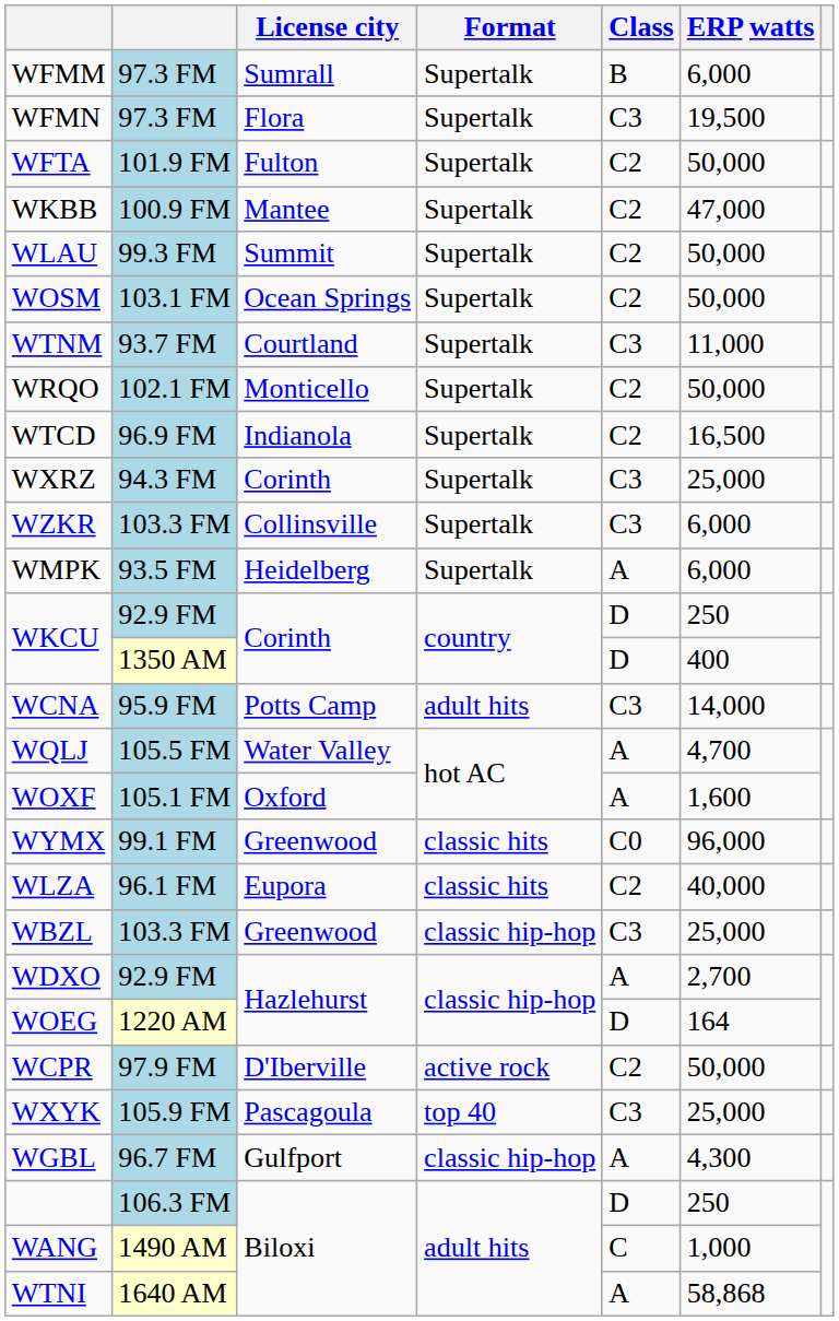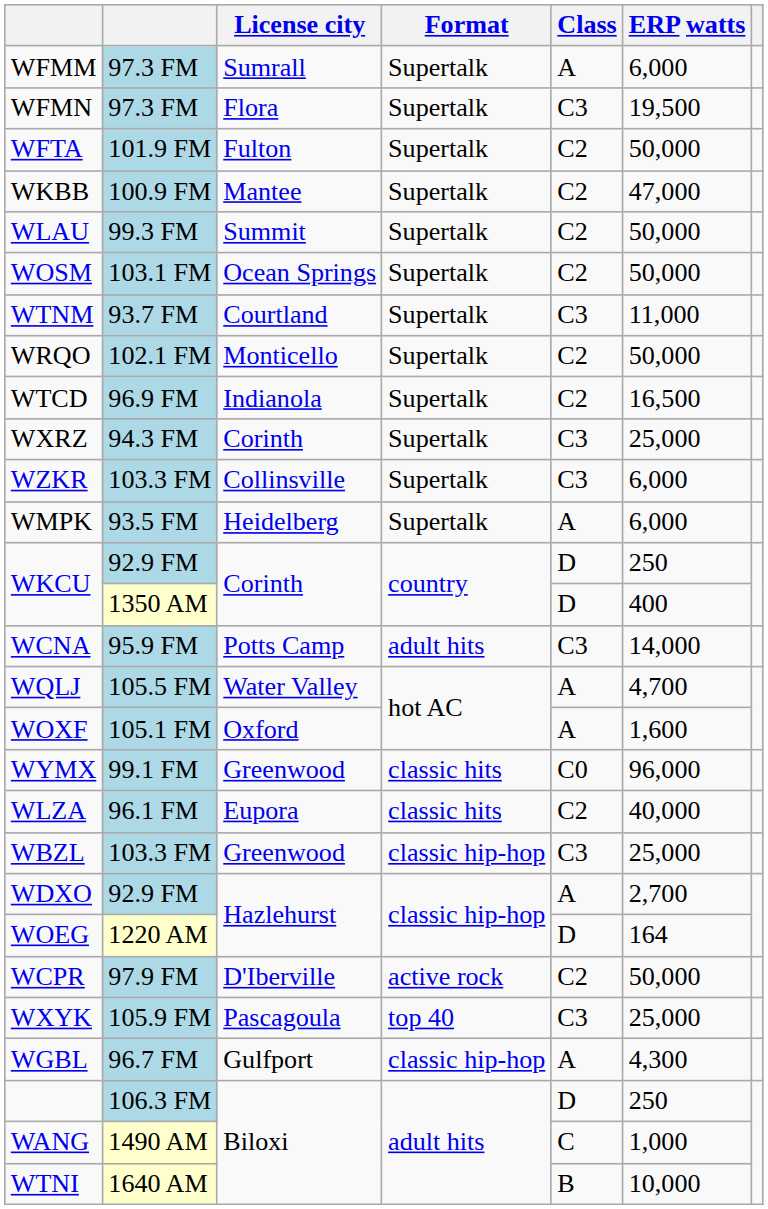 <table class="wikitable">
 <tr>
 <th></th>
 <th></th>
 <th><a href='#'>License city</a></th>
 <th><a href='#'>Format</a></th>
 <th><a href='#'>Cl­ass</a></th>
 <th><a href='#'>ERP</a> <a href='#'>watts</a></th>
 <th></th>
 </tr>
 <tr>
 <td>WFMM</td>
 <td style="background:#ADD8E6;">97.3 FM</td>
 <td><a href='#'>Sumrall</a></td>
 <td>Supe­rtalk</td>
-<td>B</td>
+<td>A</td>
 <td>6,000</td>
 <td></td>
 </tr>
 <tr>
 <td>WFMN</td>
 <td style="background:#ADD8E6;">97.3 FM</td>
 <td><a href='#'>Flora</a></td>
 <td>Supe­rtalk</td>
 <td>C3</td>
 <td>19,500</td>
 <td></td>
 </tr>
 <tr>
 <td><a href='#'>WFTA</a></td>
 <td style="background:#ADD8E6;">101.9 FM</td>
 <td><a href='#'>Fulton</a></td>
 <td>Supe­rtalk</td>
 <td>C2</td>
 <td>50,000</td>
 <td></td>
 </tr>
 <tr>
 <td>WKBB</td>
 <td style="background:#ADD8E6;">100.9 FM</td>
 <td><a href='#'>Mantee</a></td>
 <td>Supe­rtalk</td>
 <td>C2</td>
 <td>47,000</td>
 <td></td>
 </tr>
 <tr>
 <td><a href='#'>WLAU</a></td>
 <td style="background:#ADD8E6;">99.3 FM</td>
 <td><a href='#'>Summit</a></td>
 <td>Supe­rtalk</td>
 <td>C2</td>
 <td>50,000</td>
 <td></td>
 </tr>
 <tr>
 <td><a href='#'>WOSM</a></td>
 <td style="background:#ADD8E6;">103.1 FM</td>
 <td><a href='#'>Ocean Springs</a></td>
 <td>Supe­rtalk</td>
 <td>C2</td>
 <td>50,000</td>
 <td></td>
 </tr>
 <tr>
 <td><a href='#'>WTNM</a></td>
 <td style="background:#ADD8E6;">93.7 FM</td>
 <td><a href='#'>Court­land</a></td>
 <td>Supe­rtalk</td>
 <td>C3</td>
 <td>11,000</td>
 <td></td>
 </tr>
 <tr>
 <td>WRQO</td>
 <td style="background:#ADD8E6;">102.1 FM</td>
 <td><a href='#'>Monti­cello</a></td>
 <td>Supe­rtalk</td>
 <td>C2</td>
 <td>50,000</td>
 <td></td>
 </tr>
 <tr>
 <td>WTCD</td>
 <td style="background:#ADD8E6;">96.9 FM</td>
 <td><a href='#'>Indian­ola</a></td>
 <td>Supe­rtalk</td>
 <td>C2</td>
 <td>16,500</td>
 <td></td>
 </tr>
 <tr>
 <td>WXRZ</td>
 <td style="background:#ADD8E6;">94.3 FM</td>
 <td><a href='#'>Corinth</a></td>
 <td>Supe­rtalk</td>
 <td>C3</td>
 <td>25,000</td>
 <td></td>
 </tr>
 <tr>
 <td><a href='#'>WZKR</a></td>
 <td style="background:#ADD8E6;">103.3 FM</td>
 <td><a href='#'>Collins­ville</a></td>
 <td>Supe­rtalk</td>
 <td>C3</td>
 <td>6,000</td>
 <td></td>
 </tr>
 <tr>
 <td>WMPK</td>
 <td style="background:#ADD8E6;">93.5 FM</td>
 <td><a href='#'>Heidel­berg</a></td>
 <td>Supe­rtalk</td>
 <td>A</td>
 <td>6,000</td>
 <td></td>
 </tr>
 <tr>
 <td rowspan=2><a href='#'>WKCU</a></td>
 <td style="background:#ADD8E6;">92.9 FM</td>
 <td rowspan=2><a href='#'>Corinth</a></td>
 <td rowspan=2><a href='#'>country</a></td>
 <td>D</td>
 <td>250</td>
 <td rowspan=2></td>
 </tr>
 <tr>
 <td style="background:#FFFFCC;">1350 AM</td>
 <td>D</td>
 <td>400</td>
 </tr>
 <tr>
 <td><a href='#'>WCNA</a></td>
 <td style="background:#ADD8E6;">95.9 FM</td>
 <td><a href='#'>Potts Camp</a></td>
 <td><a href='#'>adult hits</a></td>
 <td>C3</td>
 <td>14,000</td>
 <td></td>
 </tr>
 <tr>
 <td><a href='#'>WQLJ</a></td>
 <td style="background:#ADD8E6;">105.5 FM</td>
 <td><a href='#'>Water Valley</a></td>
 <td rowspan=2>hot AC</td>
 <td>A</td>
 <td>4,700</td>
 <td rowspan=2></td>
 </tr>
 <tr>
 <td><a href='#'>WOXF</a></td>
 <td style="background:#ADD8E6;">105.1 FM</td>
 <td><a href='#'>Oxford</a></td>
 <td>A</td>
 <td>1,600</td>
 </tr>
 <tr>
 <td><a href='#'>WYMX</a></td>
 <td style="background:#ADD8E6;">99.1 FM</td>
 <td><a href='#'>Green­wood</a></td>
 <td><a href='#'>classic hits</a></td>
 <td>C0</td>
 <td>96,000</td>
 <td></td>
 </tr>
 <tr>
 <td><a href='#'>WLZA</a></td>
 <td style="background:#ADD8E6;">96.1 FM</td>
 <td><a href='#'>Eupora</a></td>
 <td><a href='#'>classic hits</a></td>
 <td>C2</td>
 <td>40,000</td>
 <td></td>
 </tr>
 <tr>
 <td><a href='#'>WBZL</a></td>
 <td style="background:#ADD8E6;">103.3 FM</td>
 <td><a href='#'>Green­wood</a></td>
 <td><a href='#'>classic hip-hop</a></td>
 <td>C3</td>
 <td>25,000</td>
 <td></td>
 </tr>
 <tr>
 <td><a href='#'>WDXO</a></td>
 <td style="background:#ADD8E6;">92.9 FM</td>
 <td rowspan=2><a href='#'>Hazle­hurst</a></td>
 <td rowspan=2><a href='#'>classic hip-hop</a></td>
 <td>A</td>
 <td>2,700</td>
 <td rowspan=2></td>
 </tr>
 <tr>
 <td><a href='#'>WOEG</a></td>
 <td style="background:#FFFFCC;">1220 AM</td>
 <td>D</td>
 <td>164</td>
 </tr>
 <tr>
 <td><a href='#'>WCPR</a></td>
 <td style="background:#ADD8E6;">97.9 FM</td>
 <td><a href='#'>D'Iber­ville</a></td>
 <td><a href='#'>active rock</a></td>
 <td>C2</td>
 <td>50,000</td>
 <td></td>
 </tr>
 <tr>
 <td><a href='#'>WXYK</a></td>
 <td style="background:#ADD8E6;">105.9 FM</td>
 <td><a href='#'>Pasca­goula</a></td>
 <td><a href='#'>top 40</a></td>
 <td>C3</td>
 <td>25,000</td>
 <td></td>
 </tr>
 <tr>
 <td><a href='#'>WGBL</a></td>
 <td style="background:#ADD8E6;">96.7 FM</td>
 <td>Gulfport</td>
 <td><a href='#'>classic hip-hop</a></td>
 <td>A</td>
 <td>4,300</td>
 <td></td>
 </tr>
 <tr>
 <td></td>
 <td style="background:#ADD8E6;">106.3 FM</td>
 <td rowspan=3>Biloxi</td>
 <td rowspan=3><a href='#'>adult hits</a></td>
 <td>D</td>
 <td>250</td>
 <td rowspan=3></td>
 </tr>
 <tr>
 <td><a href='#'>WANG</a></td>
 <td style="background:#FFFFCC;">1490 AM</td>
 <td>C</td>
 <td>1,000</td>
 </tr>
 <tr>
 <td><a href='#'>WTNI</a></td>
 <td style="background:#FFFFCC;">1640 AM</td>
-<td>A</td>
-<td>58,868</td>
+<td>B</td>
+<td>10,000</td>
 </tr>
 <tr>
 </tr>
 </table>
